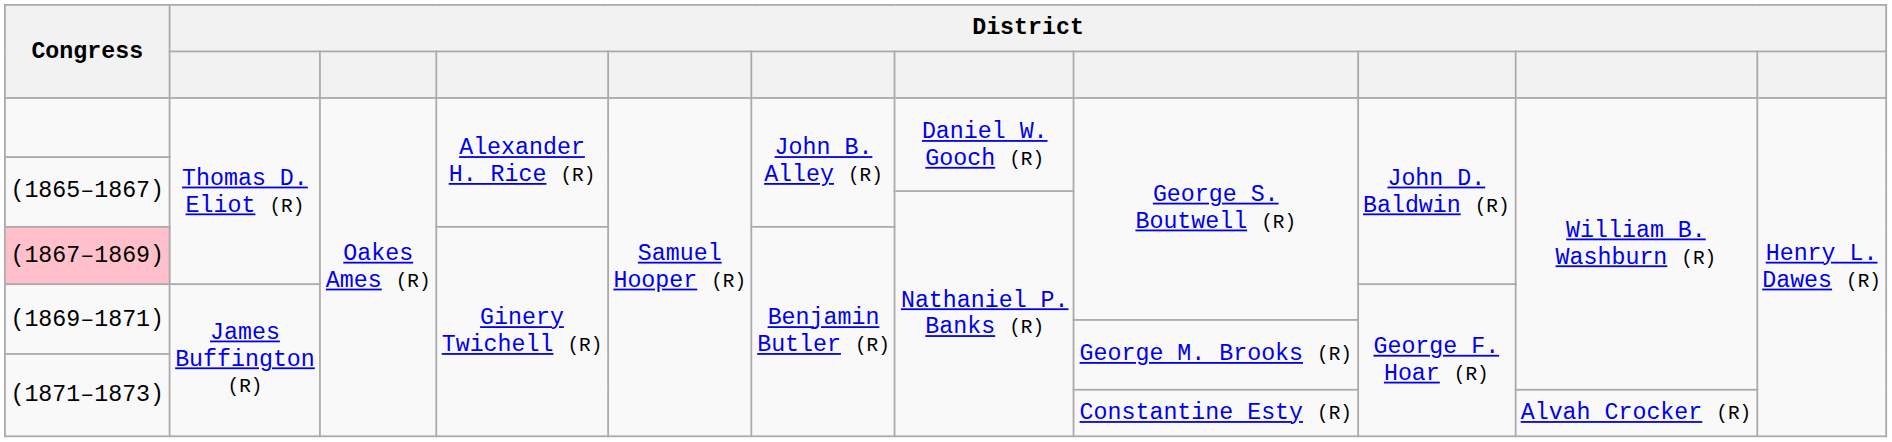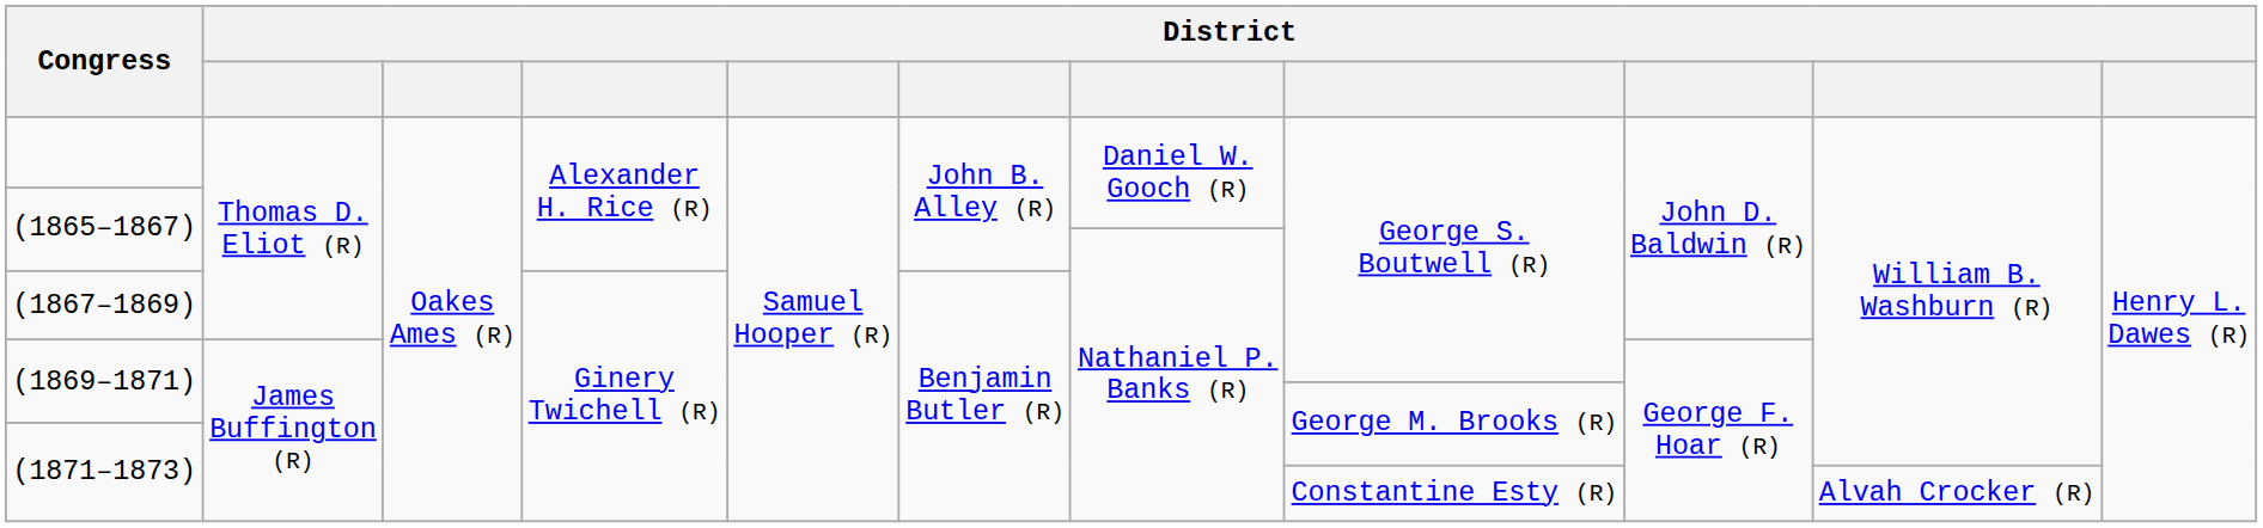 <table class=wikitable style="text-align:center">
 <tr style="height:2em">
 <th rowspan=2>Congress</th>
 <th colspan=10>District</th>
 </tr>
 <tr style="height:2em">
 <th></th>
 <th></th>
 <th></th>
 <th></th>
 <th></th>
 <th></th>
 <th></th>
 <th></th>
 <th></th>
 <th></th>
 </tr>
 <tr style="height:2.5em">
 <td scope=row><strong></strong> </td>
 <td rowspan=4 ><a href='#'>Thomas D.<br>Eliot</a> <small>(R)</small></td>
 <td rowspan=8 ><a href='#'>Oakes<br>Ames</a> <small>(R)</small></td>
 <td rowspan=3 ><a href='#'>Alexander<br>H. Rice</a> <small>(R)</small></td>
 <td rowspan=8 ><a href='#'>Samuel<br>Hooper</a> <small>(R)</small></td>
 <td rowspan=3 ><a href='#'>John B.<br>Alley</a> <small>(R)</small></td>
 <td rowspan=2 ><a href='#'>Daniel W.<br>Gooch</a> <small>(R)</small></td>
 <td rowspan=5 ><a href='#'>George S.<br>Boutwell</a> <small>(R)</small></td>
 <td rowspan=4 ><a href='#'>John D.<br>Baldwin</a> <small>(R)</small></td>
 <td rowspan=7 ><a href='#'>William B.<br>Washburn</a> <small>(R)</small></td>
 <td rowspan=8 ><a href='#'>Henry L.<br>Dawes</a> <small>(R)</small></td>
 </tr>
 <tr style="height:1.5em">
 <td scope=row rowspan=2><strong></strong> (1865–1867)</td>
 </tr>
 <tr style="height:1.5em">
 <td rowspan=6 ><a href='#'>Nathaniel P.<br>Banks</a> <small>(R)</small></td>
 </tr>
 <tr style="height:2.5em">
-<td scope=row style="background: pink;"><strong></strong> (1867–1869)</td>
+<td scope=row><strong></strong> (1867–1869)</td>
 <td rowspan=5 ><a href='#'>Ginery<br>Twichell</a> <small>(R)</small></td>
 <td rowspan=5 ><a href='#'>Benjamin<br>Butler</a> <small>(R)</small></td>
 </tr>
 <tr style="height:1.5em">
 <td scope=row rowspan=2><strong></strong> (1869–1871)</td>
 <td rowspan=4 ><a href='#'>James<br>Buffington</a><br><small>(R)</small></td>
 <td rowspan=4 ><a href='#'>George F.<br>Hoar</a> <small>(R)</small></td>
 </tr>
 <tr style="height:1.5em">
 <td rowspan=2 ><a href='#'>George M. Brooks</a> <small>(R)</small></td>
 </tr>
 <tr style="height:1.5em">
 <td scope=row rowspan=2><strong></strong> (1871–1873)</td>
 </tr>
 <tr style="height:2em">
 <td><a href='#'>Constantine Esty</a> <small>(R)</small></td>
 <td><a href='#'>Alvah Crocker</a> <small>(R)</small></td>
 </tr>
 </table>
